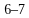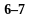 <table style="text-align:center">
 <tr>
 <th width=200></th>
 <th width=100></th>
 <th width=200></th>
 </tr>
 <tr>
 <td align=right></td>
-<td>6–7</td>
+<td><strong>6–7</strong></td>
 <td align=left><strong></strong></td>
 </tr>
 </table>
